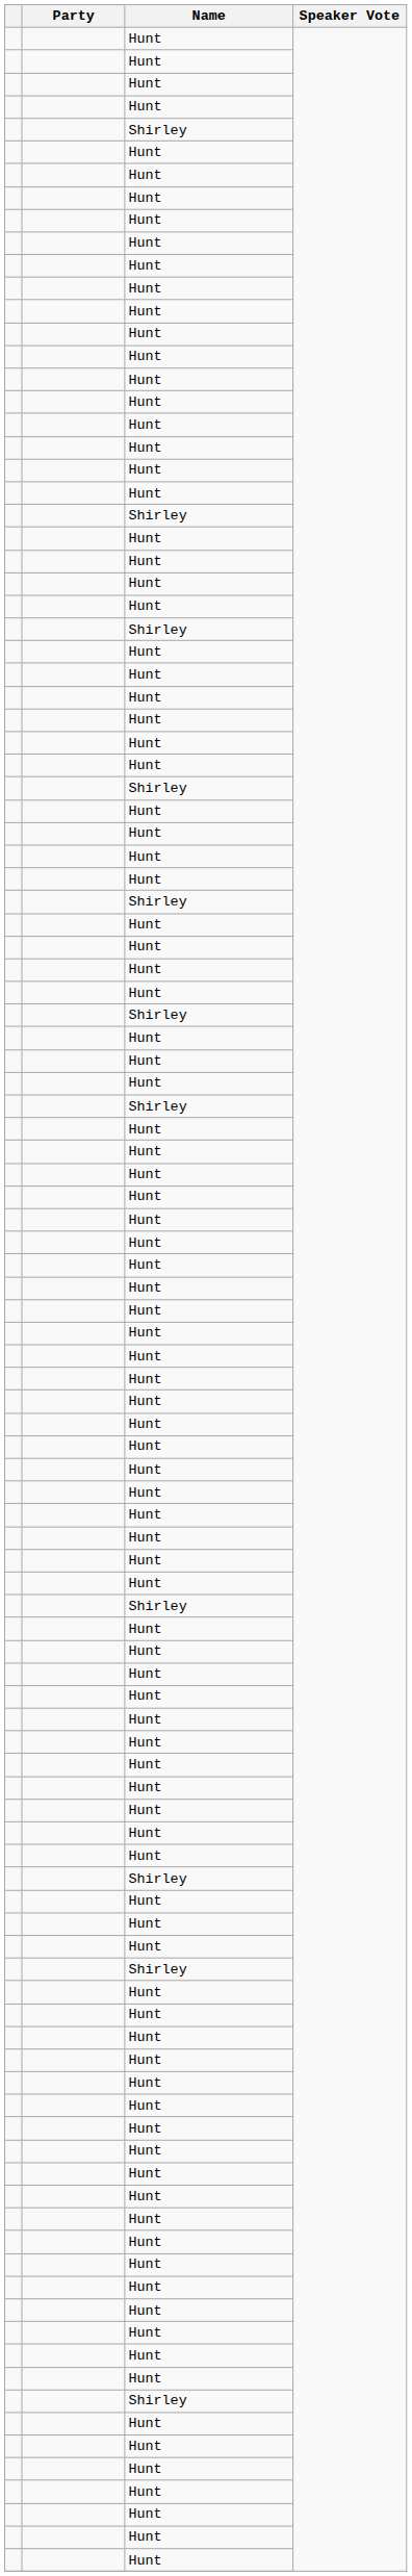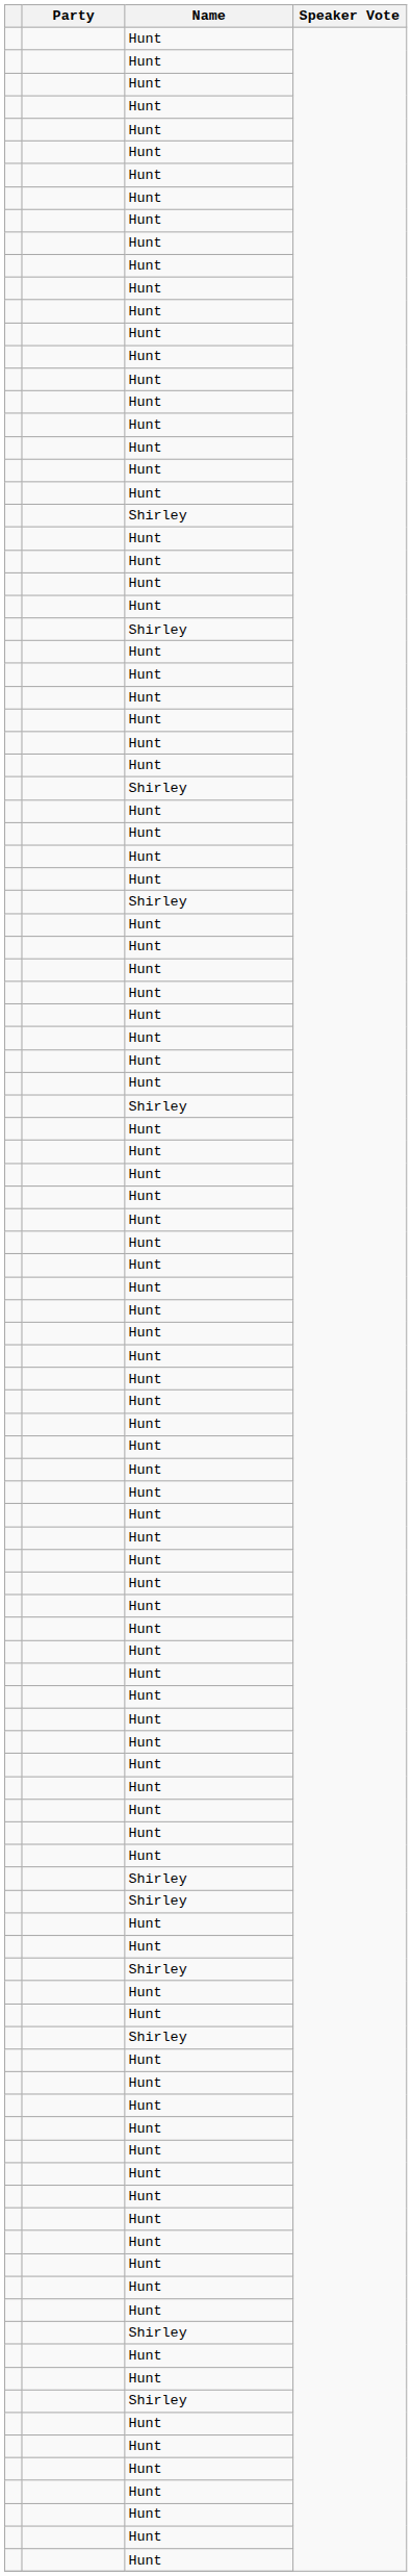 <table class="wikitable sortable mw-collapsible mw-collapsed">
 <tr>
 <th width=10 class=unsortable></th>
 <th width=90>Party</th>
 <th width=150>Name</th>
 <th width=100>Speaker Vote</th>
 </tr>
 <tr>
 <td></td>
 <td></td>
 <td>Hunt</td>
 </tr>
 <tr>
 <td></td>
 <td></td>
 <td>Hunt</td>
 </tr>
 <tr>
 <td></td>
 <td></td>
 <td>Hunt</td>
 </tr>
 <tr>
 <td></td>
 <td></td>
 <td>Hunt</td>
 </tr>
 <tr>
 <td></td>
 <td></td>
-<td>Shirley</td>
+<td>Hunt</td>
 </tr>
 <tr>
 <td></td>
 <td></td>
 <td>Hunt</td>
 </tr>
 <tr>
 <td></td>
 <td></td>
 <td>Hunt</td>
 </tr>
 <tr>
 <td></td>
 <td></td>
 <td>Hunt</td>
 </tr>
 <tr>
 <td></td>
 <td></td>
 <td>Hunt</td>
 </tr>
 <tr>
 <td></td>
 <td></td>
 <td>Hunt</td>
 </tr>
 <tr>
 <td></td>
 <td></td>
 <td>Hunt</td>
 </tr>
 <tr>
 <td></td>
 <td></td>
 <td>Hunt</td>
 </tr>
 <tr>
 <td></td>
 <td></td>
 <td>Hunt</td>
 </tr>
 <tr>
 <td></td>
 <td></td>
 <td>Hunt</td>
 </tr>
 <tr>
 <td></td>
 <td></td>
 <td>Hunt</td>
 </tr>
 <tr>
 <td></td>
 <td></td>
 <td>Hunt</td>
 </tr>
 <tr>
 <td></td>
 <td></td>
 <td>Hunt</td>
 </tr>
 <tr>
 <td></td>
 <td></td>
 <td>Hunt</td>
 </tr>
 <tr>
 <td></td>
 <td></td>
 <td>Hunt</td>
 </tr>
 <tr>
 <td></td>
 <td></td>
 <td>Hunt</td>
 </tr>
 <tr>
 <td></td>
 <td></td>
 <td>Hunt</td>
 </tr>
 <tr>
 <td></td>
 <td></td>
 <td>Shirley</td>
 </tr>
 <tr>
 <td></td>
 <td></td>
 <td>Hunt</td>
 </tr>
 <tr>
 <td></td>
 <td></td>
 <td>Hunt</td>
 </tr>
 <tr>
 <td></td>
 <td></td>
 <td>Hunt</td>
 </tr>
 <tr>
 <td></td>
 <td></td>
 <td>Hunt</td>
 </tr>
 <tr>
 <td></td>
 <td></td>
 <td>Shirley</td>
 </tr>
 <tr>
 <td></td>
 <td></td>
 <td>Hunt</td>
 </tr>
 <tr>
 <td></td>
 <td></td>
 <td>Hunt</td>
 </tr>
 <tr>
 <td></td>
 <td></td>
 <td>Hunt</td>
 </tr>
 <tr>
 <td></td>
 <td></td>
 <td>Hunt</td>
 </tr>
 <tr>
 <td></td>
 <td></td>
 <td>Hunt</td>
 </tr>
 <tr>
 <td></td>
 <td></td>
 <td>Hunt</td>
 </tr>
 <tr>
 <td></td>
 <td></td>
 <td>Shirley</td>
 </tr>
 <tr>
 <td></td>
 <td></td>
 <td>Hunt</td>
 </tr>
 <tr>
 <td></td>
 <td></td>
 <td>Hunt</td>
 </tr>
 <tr>
 <td></td>
 <td></td>
 <td>Hunt</td>
 </tr>
 <tr>
 <td></td>
 <td></td>
 <td>Hunt</td>
 </tr>
 <tr>
 <td></td>
 <td></td>
 <td>Shirley</td>
 </tr>
 <tr>
 <td></td>
 <td></td>
 <td>Hunt</td>
 </tr>
 <tr>
 <td></td>
 <td></td>
 <td>Hunt</td>
 </tr>
 <tr>
 <td></td>
 <td></td>
 <td>Hunt</td>
 </tr>
 <tr>
 <td></td>
 <td></td>
 <td>Hunt</td>
 </tr>
 <tr>
 <td></td>
 <td></td>
-<td>Shirley</td>
+<td>Hunt</td>
 </tr>
 <tr>
 <td></td>
 <td></td>
 <td>Hunt</td>
 </tr>
 <tr>
 <td></td>
 <td></td>
 <td>Hunt</td>
 </tr>
 <tr>
 <td></td>
 <td></td>
 <td>Hunt</td>
 </tr>
 <tr>
 <td></td>
 <td></td>
 <td>Shirley</td>
 </tr>
 <tr>
 <td></td>
 <td></td>
 <td>Hunt</td>
 </tr>
 <tr>
 <td></td>
 <td></td>
 <td>Hunt</td>
 </tr>
 <tr>
 <td></td>
 <td></td>
 <td>Hunt</td>
 </tr>
 <tr>
 <td></td>
 <td></td>
 <td>Hunt</td>
 </tr>
 <tr>
 <td></td>
 <td></td>
 <td>Hunt</td>
 </tr>
 <tr>
 <td></td>
 <td></td>
 <td>Hunt</td>
 </tr>
 <tr>
 <td></td>
 <td></td>
 <td>Hunt</td>
 </tr>
 <tr>
 <td></td>
 <td></td>
 <td>Hunt</td>
 </tr>
 <tr>
 <td></td>
 <td></td>
 <td>Hunt</td>
 </tr>
 <tr>
 <td></td>
 <td></td>
 <td>Hunt</td>
 </tr>
 <tr>
 <td></td>
 <td></td>
 <td>Hunt</td>
 </tr>
 <tr>
 <td></td>
 <td></td>
 <td>Hunt</td>
 </tr>
 <tr>
 <td></td>
 <td></td>
 <td>Hunt</td>
 </tr>
 <tr>
 <td></td>
 <td></td>
 <td>Hunt</td>
 </tr>
 <tr>
 <td></td>
 <td></td>
 <td>Hunt</td>
 </tr>
 <tr>
 <td></td>
 <td></td>
 <td>Hunt</td>
 </tr>
 <tr>
 <td></td>
 <td></td>
 <td>Hunt</td>
 </tr>
 <tr>
 <td></td>
 <td></td>
 <td>Hunt</td>
 </tr>
 <tr>
 <td></td>
 <td></td>
 <td>Hunt</td>
 </tr>
 <tr>
 <td></td>
 <td></td>
 <td>Hunt</td>
 </tr>
 <tr>
 <td></td>
 <td></td>
 <td>Hunt</td>
 </tr>
 <tr>
 <td></td>
 <td></td>
-<td>Shirley</td>
+<td>Hunt</td>
 </tr>
 <tr>
 <td></td>
 <td></td>
 <td>Hunt</td>
 </tr>
 <tr>
 <td></td>
 <td></td>
 <td>Hunt</td>
 </tr>
 <tr>
 <td></td>
 <td></td>
 <td>Hunt</td>
 </tr>
 <tr>
 <td></td>
 <td></td>
 <td>Hunt</td>
 </tr>
 <tr>
 <td></td>
 <td></td>
 <td>Hunt</td>
 </tr>
 <tr>
 <td></td>
 <td></td>
 <td>Hunt</td>
 </tr>
 <tr>
 <td></td>
 <td></td>
 <td>Hunt</td>
 </tr>
 <tr>
 <td></td>
 <td></td>
 <td>Hunt</td>
 </tr>
 <tr>
 <td></td>
 <td></td>
 <td>Hunt</td>
 </tr>
 <tr>
 <td></td>
 <td></td>
 <td>Hunt</td>
 </tr>
 <tr>
 <td></td>
 <td></td>
 <td>Hunt</td>
 </tr>
 <tr>
 <td></td>
 <td></td>
 <td>Shirley</td>
 </tr>
 <tr>
 <td></td>
 <td></td>
+<td>Shirley</td>
+</tr>
+<tr>
+<td></td>
+<td></td>
 <td>Hunt</td>
+</tr>
+<tr>
+<td></td>
+<td></td>
+<td>Hunt</td>
+</tr>
+<tr>
+<td></td>
+<td></td>
+<td>Shirley</td>
 </tr>
 <tr>
 <td></td>
 <td></td>
 <td>Hunt</td>
 </tr>
 <tr>
 <td></td>
 <td></td>
 <td>Hunt</td>
 </tr>
 <tr>
 <td></td>
 <td></td>
 <td>Shirley</td>
 </tr>
 <tr>
 <td></td>
 <td></td>
 <td>Hunt</td>
 </tr>
 <tr>
 <td></td>
 <td></td>
 <td>Hunt</td>
 </tr>
 <tr>
 <td></td>
 <td></td>
 <td>Hunt</td>
 </tr>
 <tr>
 <td></td>
 <td></td>
 <td>Hunt</td>
 </tr>
 <tr>
 <td></td>
 <td></td>
 <td>Hunt</td>
 </tr>
 <tr>
 <td></td>
 <td></td>
 <td>Hunt</td>
 </tr>
 <tr>
 <td></td>
 <td></td>
 <td>Hunt</td>
 </tr>
 <tr>
 <td></td>
 <td></td>
 <td>Hunt</td>
 </tr>
 <tr>
 <td></td>
 <td></td>
 <td>Hunt</td>
 </tr>
 <tr>
 <td></td>
 <td></td>
 <td>Hunt</td>
 </tr>
 <tr>
 <td></td>
 <td></td>
 <td>Hunt</td>
 </tr>
 <tr>
 <td></td>
 <td></td>
 <td>Hunt</td>
 </tr>
 <tr>
 <td></td>
 <td></td>
-<td>Hunt</td>
-</tr>
-<tr>
-<td></td>
-<td></td>
-<td>Hunt</td>
-</tr>
-<tr>
-<td></td>
-<td></td>
-<td>Hunt</td>
-</tr>
-<tr>
-<td></td>
-<td></td>
-<td>Hunt</td>
+<td>Shirley</td>
 </tr>
 <tr>
 <td></td>
 <td></td>
 <td>Hunt</td>
 </tr>
 <tr>
 <td></td>
 <td></td>
 <td>Hunt</td>
 </tr>
 <tr>
 <td></td>
 <td></td>
 <td>Shirley</td>
 </tr>
 <tr>
 <td></td>
 <td></td>
 <td>Hunt</td>
 </tr>
 <tr>
 <td></td>
 <td></td>
 <td>Hunt</td>
 </tr>
 <tr>
 <td></td>
 <td></td>
 <td>Hunt</td>
 </tr>
 <tr>
 <td></td>
 <td></td>
 <td>Hunt</td>
 </tr>
 <tr>
 <td></td>
 <td></td>
 <td>Hunt</td>
 </tr>
 <tr>
 <td></td>
 <td></td>
 <td>Hunt</td>
 </tr>
 <tr>
 <td></td>
 <td></td>
 <td>Hunt</td>
 </tr>
 <tr>
 </tr>
 </table>
